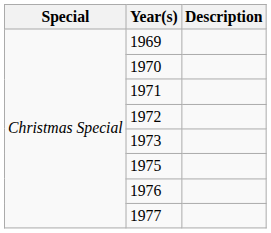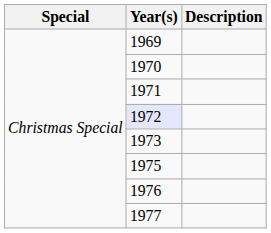 <table class="wikitable sortable">
 <tr>
 <th>Special</th>
 <th>Year(s)</th>
 <th>Description</th>
 </tr>
 <tr>
 <td rowspan=8><em>Christmas Special</em></td>
 <td>1969</td>
 <td></td>
 </tr>
 <tr>
 <td>1970</td>
 <td></td>
 </tr>
 <tr>
 <td>1971</td>
 <td></td>
 </tr>
 <tr>
-<td>1972</td>
+<td style="background: lavender;">1972</td>
 <td></td>
 </tr>
 <tr>
 <td>1973</td>
 <td></td>
 </tr>
 <tr>
 <td>1975</td>
 <td></td>
 </tr>
 <tr>
 <td>1976</td>
 <td></td>
 </tr>
 <tr>
 <td>1977</td>
 <td></td>
 </tr>
 </table>
